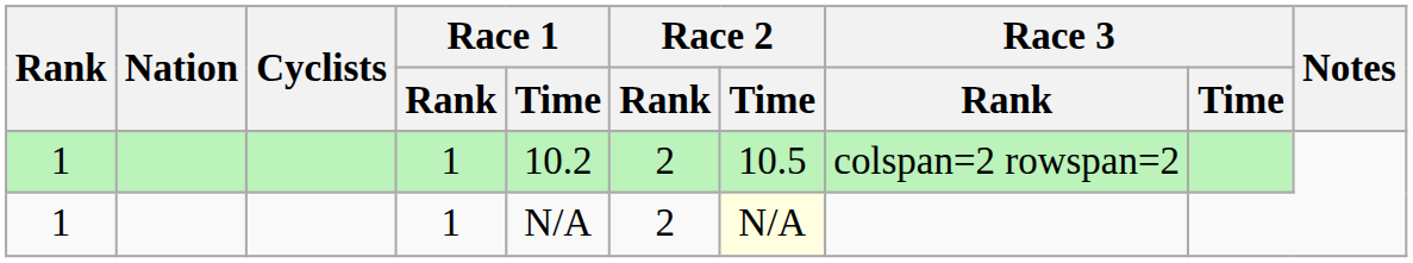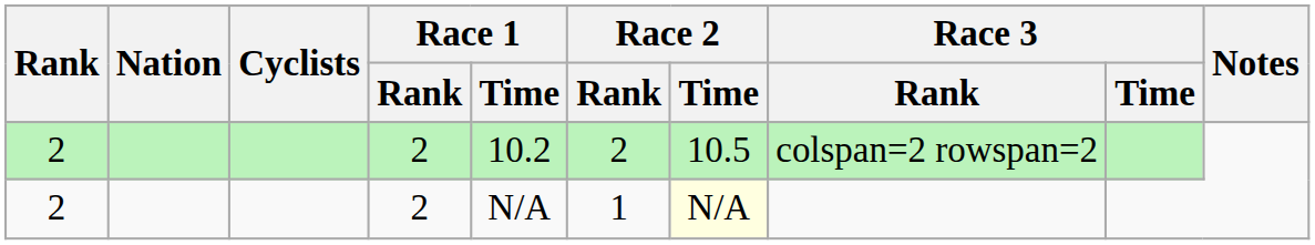 <table class="wikitable sortable" style="text-align:center">
 <tr>
 <th rowspan=2>Rank</th>
 <th rowspan=2>Nation</th>
 <th rowspan=2>Cyclists</th>
 <th colspan=2>Race 1</th>
 <th colspan=2>Race 2</th>
 <th colspan=2>Race 3</th>
 <th rowspan=2>Notes</th>
 </tr>
 <tr>
 <th>Rank</th>
 <th>Time</th>
 <th>Rank</th>
 <th>Time</th>
 <th>Rank</th>
 <th>Time</th>
 </tr>
 <tr bgcolor=bbf3bb>
-<td>1</td>
+<td>2</td>
 <td align=left></td>
 <td align=left></td>
-<td>1</td>
+<td>2</td>
 <td>10.2</td>
 <td>2</td>
 <td>10.5</td>
 <td>colspan=2 rowspan=2 </td>
 <td></td>
 </tr>
 <tr>
-<td>1</td>
+<td>2</td>
 <td align=left></td>
 <td align=left></td>
+<td>2</td>
+<td>N/A</td>
 <td>1</td>
-<td>N/A</td>
-<td>2</td>
 <td style="background: lightyellow;">N/A</td>
 <td></td>
 </tr>
 </table>
